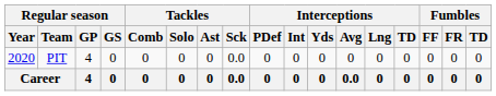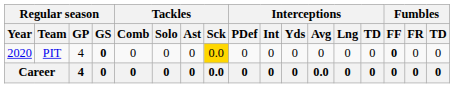 <table class="wikitable" style="text-align:center; width=%75">
 <tr>
 <th colspan="4">Regular season</th>
 <th colspan="4">Tackles</th>
 <th colspan="6">Interceptions</th>
 <th colspan="3">Fumbles</th>
 </tr>
 <tr>
 <th>Year</th>
 <th>Team</th>
 <th>GP</th>
 <th>GS</th>
 <th>Comb</th>
 <th>Solo</th>
 <th>Ast</th>
 <th>Sck</th>
 <th>PDef</th>
 <th>Int</th>
 <th>Yds</th>
 <th>Avg</th>
 <th>Lng</th>
 <th>TD</th>
 <th>FF</th>
 <th>FR</th>
 <th>TD</th>
 </tr>
 <tr>
 <td><a href='#'>2020</a></td>
 <td><a href='#'>PIT</a></td>
 <td>4</td>
+<td><strong>0</strong></td>
 <td>0</td>
 <td>0</td>
 <td>0</td>
-<td>0</td>
-<td>0.0</td>
+<td style="background: gold;">0.0</td>
 <td>0</td>
 <td>0</td>
 <td>0</td>
 <td>0</td>
 <td>0</td>
 <td>0</td>
-<td>0</td>
+<td><strong>0</strong></td>
 <td>0</td>
 <td>0</td>
 </tr>
 <tr>
 <th colspan="2">Career</th>
 <th>4</th>
 <th>0</th>
 <th>0</th>
 <th>0</th>
 <th>0</th>
 <th>0.0</th>
 <th>0</th>
 <th>0</th>
 <th>0</th>
 <th>0.0</th>
 <th>0</th>
 <th>0</th>
 <th>0</th>
 <th>0</th>
 <th>0</th>
 </tr>
 </table>
